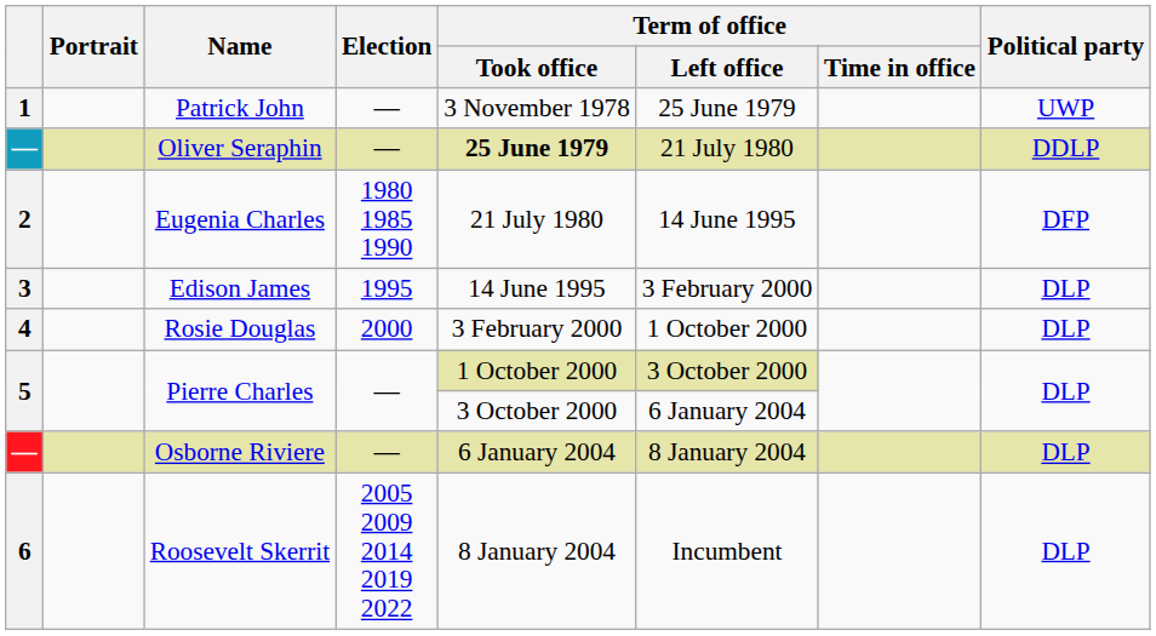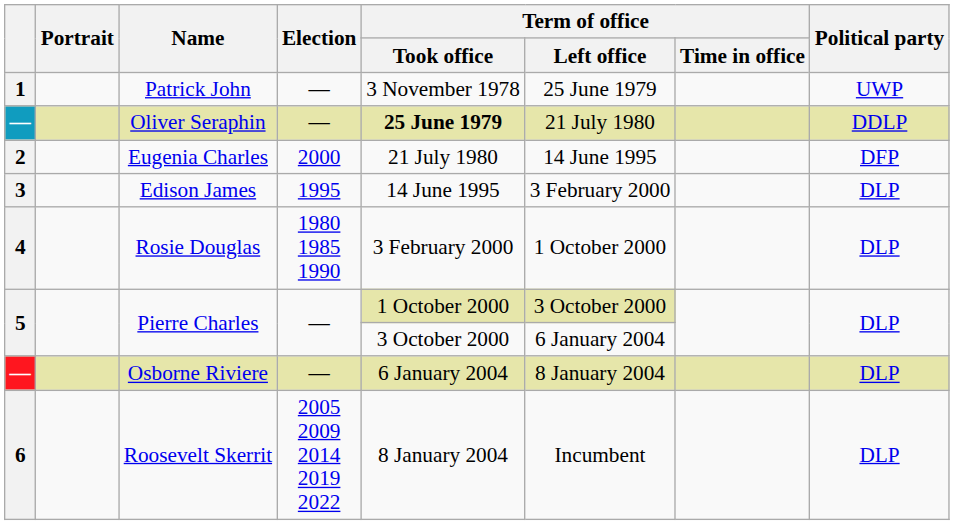 <table class="wikitable" style="text-align:center">
 <tr>
 <th rowspan=2></th>
 <th rowspan=2>Portrait</th>
 <th rowspan=2>Name<br></th>
 <th rowspan=2>Election</th>
 <th colspan=3>Term of office</th>
 <th rowspan=2>Political party</th>
 </tr>
 <tr>
 <th>Took office</th>
 <th>Left office</th>
 <th>Time in office</th>
 </tr>
 <tr>
 <th style="background:">1</th>
 <td></td>
 <td><a href='#'>Patrick John</a><br></td>
 <td>—</td>
 <td>3 November 1978</td>
 <td>25 June 1979</td>
 <td></td>
 <td><a href='#'>UWP</a></td>
 </tr>
 <tr style="background:#e6e6aa;">
 <th style="background:#109CBF; color:white">—</th>
 <td></td>
 <td><a href='#'>Oliver Seraphin</a><br></td>
 <td>—</td>
 <td><strong>25 June 1979</strong></td>
 <td>21 July 1980</td>
 <td></td>
 <td><a href='#'>DDLP</a></td>
 </tr>
 <tr>
 <th style="background:">2</th>
 <td></td>
 <td><a href='#'>Eugenia Charles</a><br></td>
-<td><a href='#'>1980</a><br><a href='#'>1985</a><br><a href='#'>1990</a></td>
+<td><a href='#'>2000</a></td>
 <td>21 July 1980</td>
 <td>14 June 1995</td>
 <td></td>
 <td><a href='#'>DFP</a></td>
 </tr>
 <tr>
 <th style="background:">3</th>
 <td></td>
 <td><a href='#'>Edison James</a><br></td>
 <td><a href='#'>1995</a></td>
 <td>14 June 1995</td>
 <td>3 February 2000</td>
 <td></td>
 <td><a href='#'>DLP</a></td>
 </tr>
 <tr>
 <th style="background:">4</th>
 <td></td>
 <td><a href='#'>Rosie Douglas</a><br></td>
-<td><a href='#'>2000</a></td>
+<td><a href='#'>1980</a><br><a href='#'>1985</a><br><a href='#'>1990</a></td>
 <td>3 February 2000</td>
 <td>1 October 2000</td>
 <td></td>
 <td><a href='#'>DLP</a></td>
 </tr>
 <tr>
 <th rowspan=2 style="background:">5</th>
 <td rowspan=2></td>
 <td rowspan=2><a href='#'>Pierre Charles</a><br></td>
 <td rowspan=2>—</td>
 <td style="background:#e6e6aa;">1 October 2000</td>
 <td style="background:#e6e6aa;">3 October 2000</td>
 <td rowspan=2></td>
 <td rowspan=2><a href='#'>DLP</a></td>
 </tr>
 <tr>
 <td>3 October 2000</td>
 <td>6 January 2004</td>
 </tr>
 <tr style="background:#e6e6aa;">
 <th style="background:#FF161F; color:white">—</th>
 <td></td>
 <td><a href='#'>Osborne Riviere</a><br></td>
 <td>—</td>
 <td>6 January 2004</td>
 <td>8 January 2004</td>
 <td></td>
 <td><a href='#'>DLP</a></td>
 </tr>
 <tr>
 <th style="background:">6</th>
 <td></td>
 <td><a href='#'>Roosevelt Skerrit</a><br></td>
 <td><a href='#'>2005</a><br><a href='#'>2009</a><br><a href='#'>2014</a><br><a href='#'>2019</a><br><a href='#'>2022</a></td>
 <td>8 January 2004</td>
 <td>Incumbent</td>
 <td><br></td>
 <td><a href='#'>DLP</a></td>
 </tr>
 </table>
